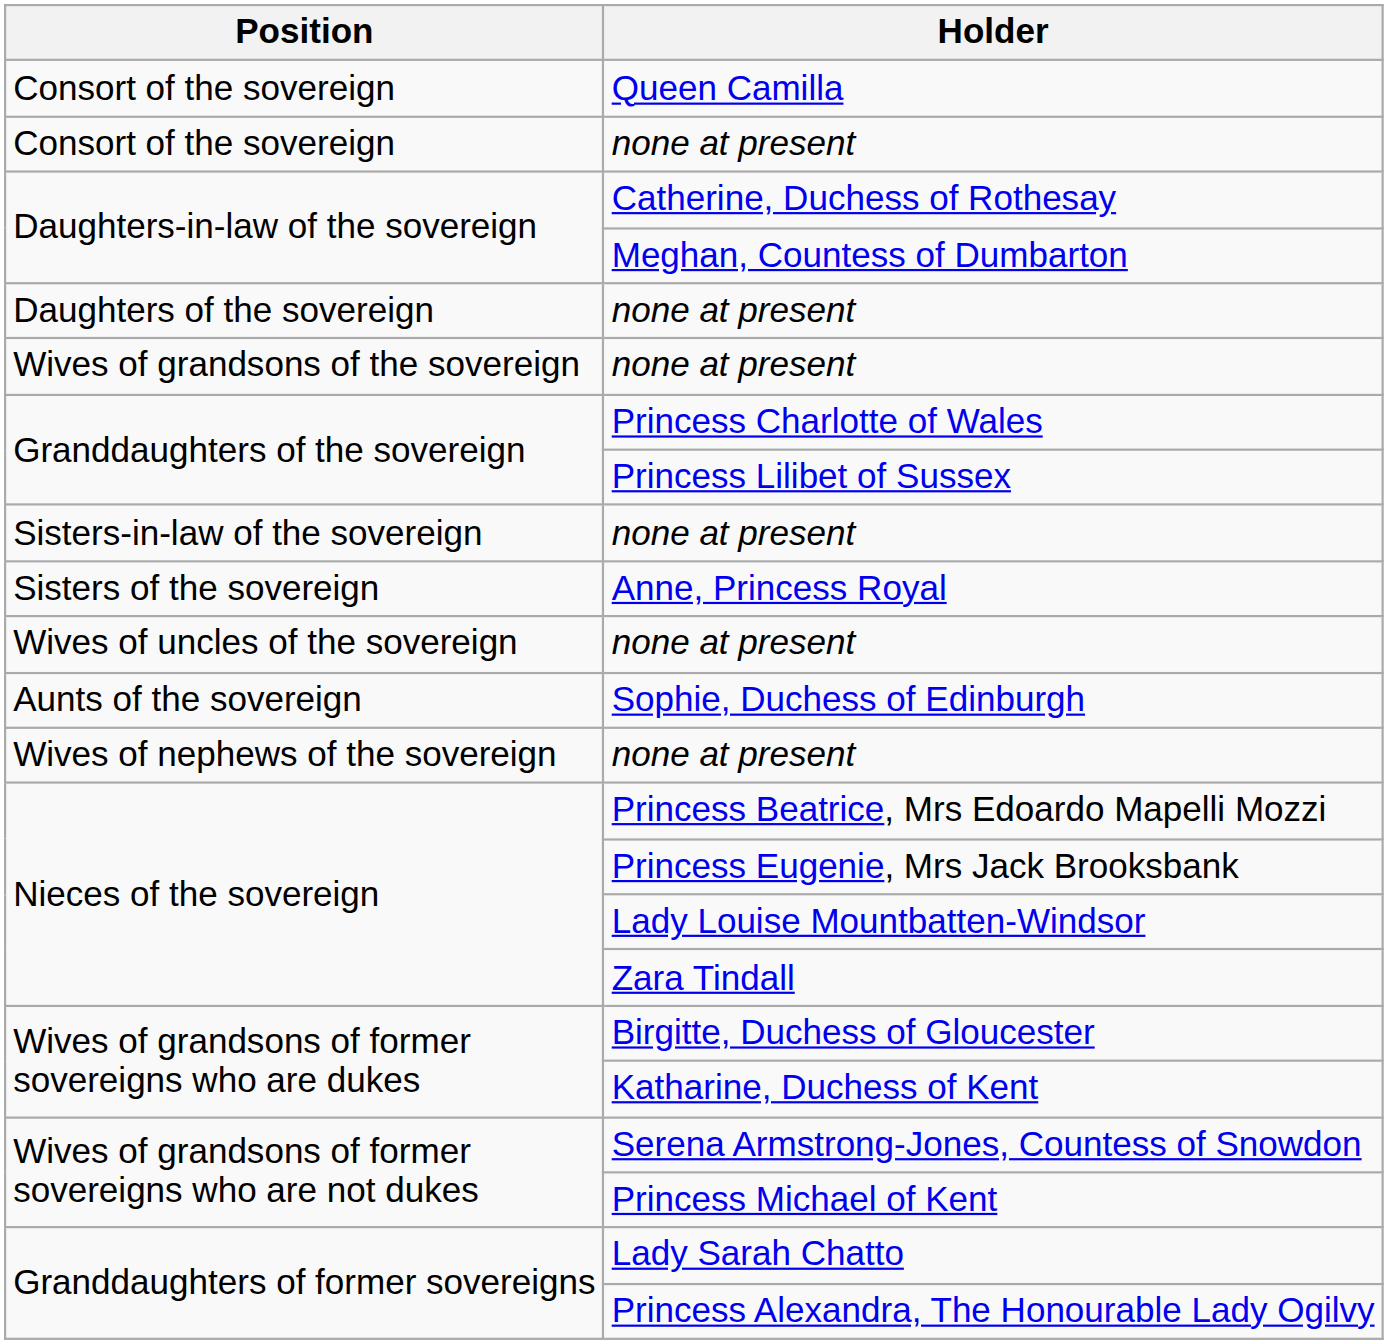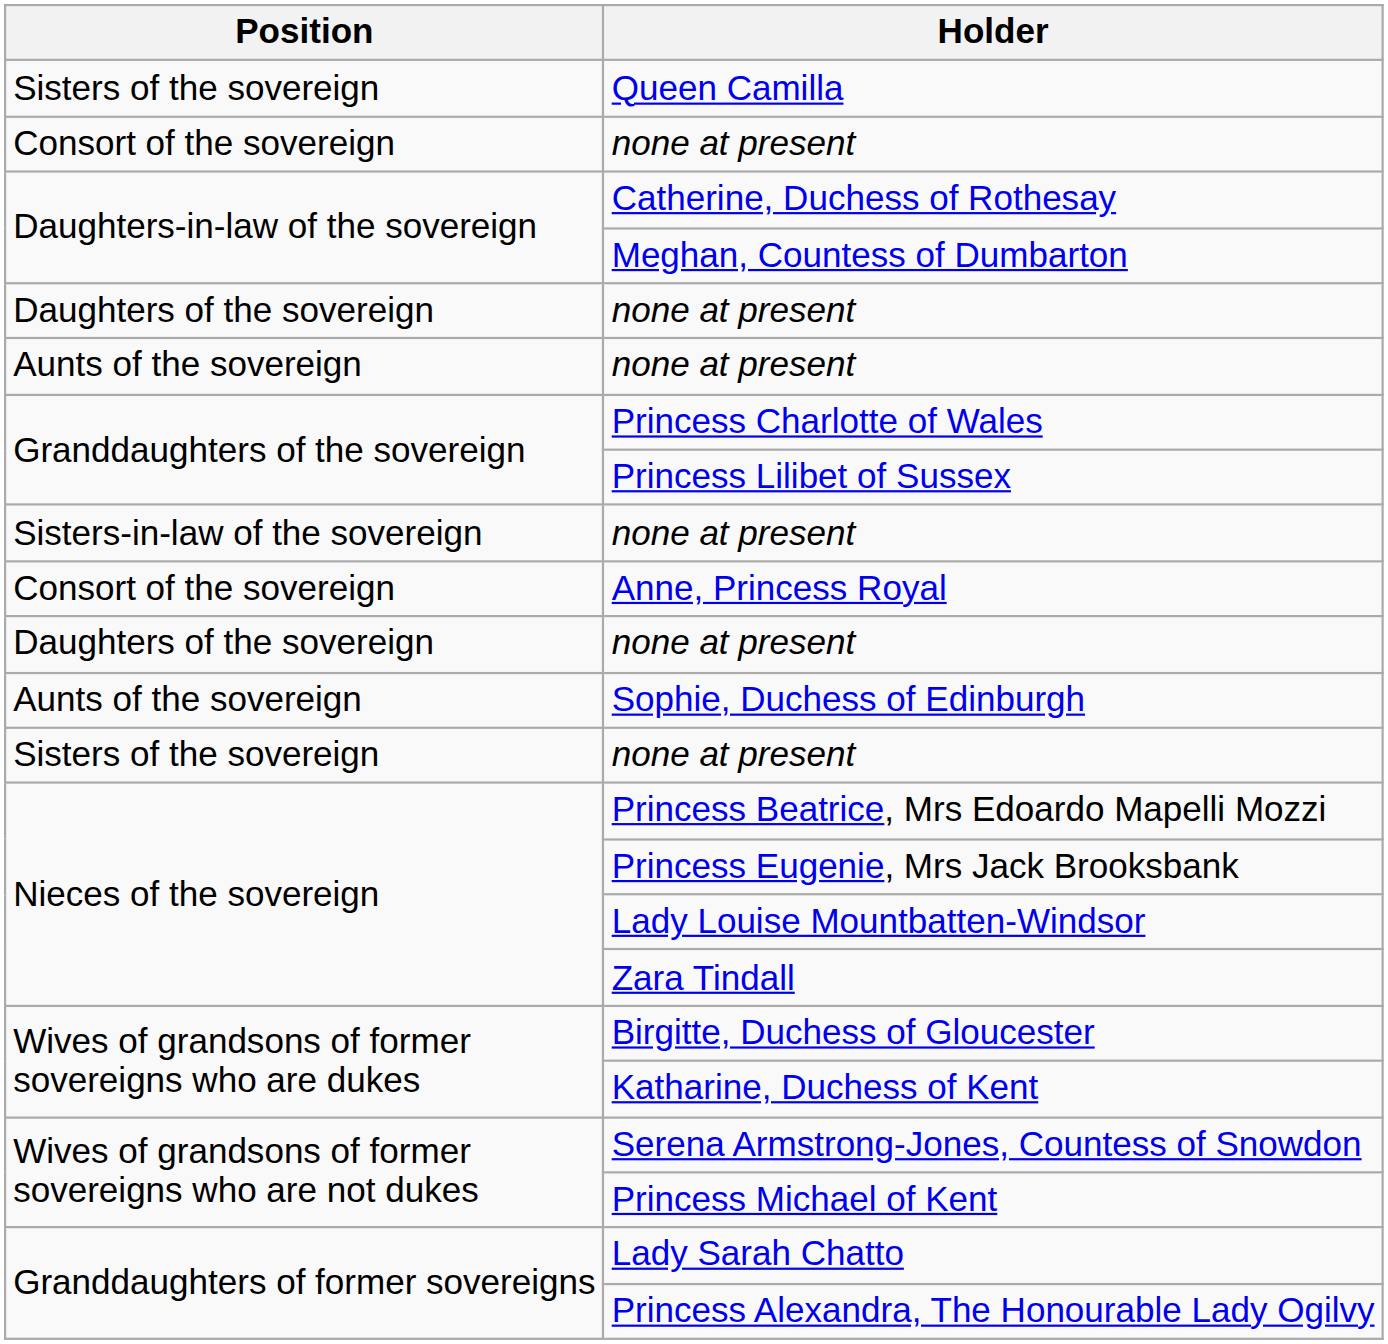 <table class="wikitable">
 <tr>
 <th>Position</th>
 <th>Holder</th>
 </tr>
 <tr>
-<td>Consort of the sovereign</td>
+<td>Sisters of the sovereign</td>
 <td> <a href='#'>Queen Camilla</a></td>
 </tr>
 <tr>
 <td>Consort of the sovereign</td>
 <td><em>none at present</em></td>
 </tr>
 <tr>
 <td rowspan=2>Daughters-in-law of the sovereign</td>
 <td> <a href='#'>Catherine, Duchess of Rothesay</a></td>
 </tr>
 <tr>
 <td> <a href='#'>Meghan, Countess of Dumbarton</a></td>
 </tr>
 <tr>
 <td>Daughters of the sovereign</td>
 <td><em>none at present</em></td>
 </tr>
 <tr>
-<td>Wives of grandsons of the sovereign</td>
+<td>Aunts of the sovereign</td>
 <td><em>none at present</em></td>
 </tr>
 <tr>
 <td rowspan=2>Granddaughters of the sovereign</td>
 <td> <a href='#'>Princess Charlotte of Wales</a></td>
 </tr>
 <tr>
 <td> <a href='#'>Princess Lilibet of Sussex</a></td>
 </tr>
 <tr>
 <td>Sisters-in-law of the sovereign</td>
 <td><em>none at present</em></td>
 </tr>
 <tr>
-<td>Sisters of the sovereign</td>
+<td>Consort of the sovereign</td>
 <td> <a href='#'>Anne, Princess Royal</a></td>
 </tr>
 <tr>
-<td>Wives of uncles of the sovereign</td>
+<td>Daughters of the sovereign</td>
 <td><em>none at present</em></td>
 </tr>
 <tr>
 <td>Aunts of the sovereign</td>
 <td> <a href='#'>Sophie, Duchess of Edinburgh</a></td>
 </tr>
 <tr>
-<td>Wives of nephews of the sovereign</td>
+<td>Sisters of the sovereign</td>
 <td><em>none at present</em></td>
 </tr>
 <tr>
 <td rowspan=4>Nieces of the sovereign</td>
 <td> <a href='#'>Princess Beatrice</a>, Mrs Edoardo Mapelli Mozzi</td>
 </tr>
 <tr>
 <td> <a href='#'>Princess Eugenie</a>, Mrs Jack Brooksbank</td>
 </tr>
 <tr>
 <td> <a href='#'>Lady Louise Mountbatten-Windsor</a></td>
 </tr>
 <tr>
 <td><a href='#'>Zara Tindall</a></td>
 </tr>
 <tr>
 <td rowspan=2>Wives of grandsons of former<br>sovereigns who are dukes</td>
 <td> <a href='#'>Birgitte, Duchess of Gloucester</a></td>
 </tr>
 <tr>
 <td> <a href='#'>Katharine, Duchess of Kent</a></td>
 </tr>
 <tr>
 <td rowspan=2>Wives of grandsons of former<br>sovereigns who are not dukes</td>
 <td><a href='#'>Serena Armstrong-Jones, Countess of Snowdon</a></td>
 </tr>
 <tr>
 <td> <a href='#'>Princess Michael of Kent</a></td>
 </tr>
 <tr>
 <td rowspan=2>Granddaughters of former sovereigns</td>
 <td><a href='#'>Lady Sarah Chatto</a></td>
 </tr>
 <tr>
 <td> <a href='#'>Princess Alexandra, The Honourable Lady Ogilvy</a></td>
 </tr>
 </table>
